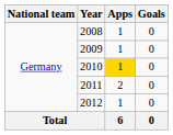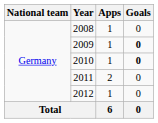 <table class="wikitable" style="text-align:center">
 <tr>
 <th>National team</th>
 <th>Year</th>
 <th>Apps</th>
 <th>Goals</th>
 </tr>
 <tr>
 <td rowspan="5"><a href='#'>Germany</a></td>
 <td>2008</td>
 <td>1</td>
 <td>0</td>
 </tr>
 <tr>
 <td>2009</td>
 <td>1</td>
-<td>0</td>
+<td><strong>0</strong></td>
 </tr>
 <tr>
 <td>2010</td>
-<td style="background: gold;">1</td>
-<td>0</td>
+<td>1</td>
+<td><strong>0</strong></td>
 </tr>
 <tr>
 <td>2011</td>
 <td>2</td>
 <td>0</td>
 </tr>
 <tr>
 <td>2012</td>
 <td>1</td>
 <td>0</td>
 </tr>
 <tr>
 <th colspan="2">Total</th>
 <th>6</th>
 <th>0</th>
 </tr>
 </table>
